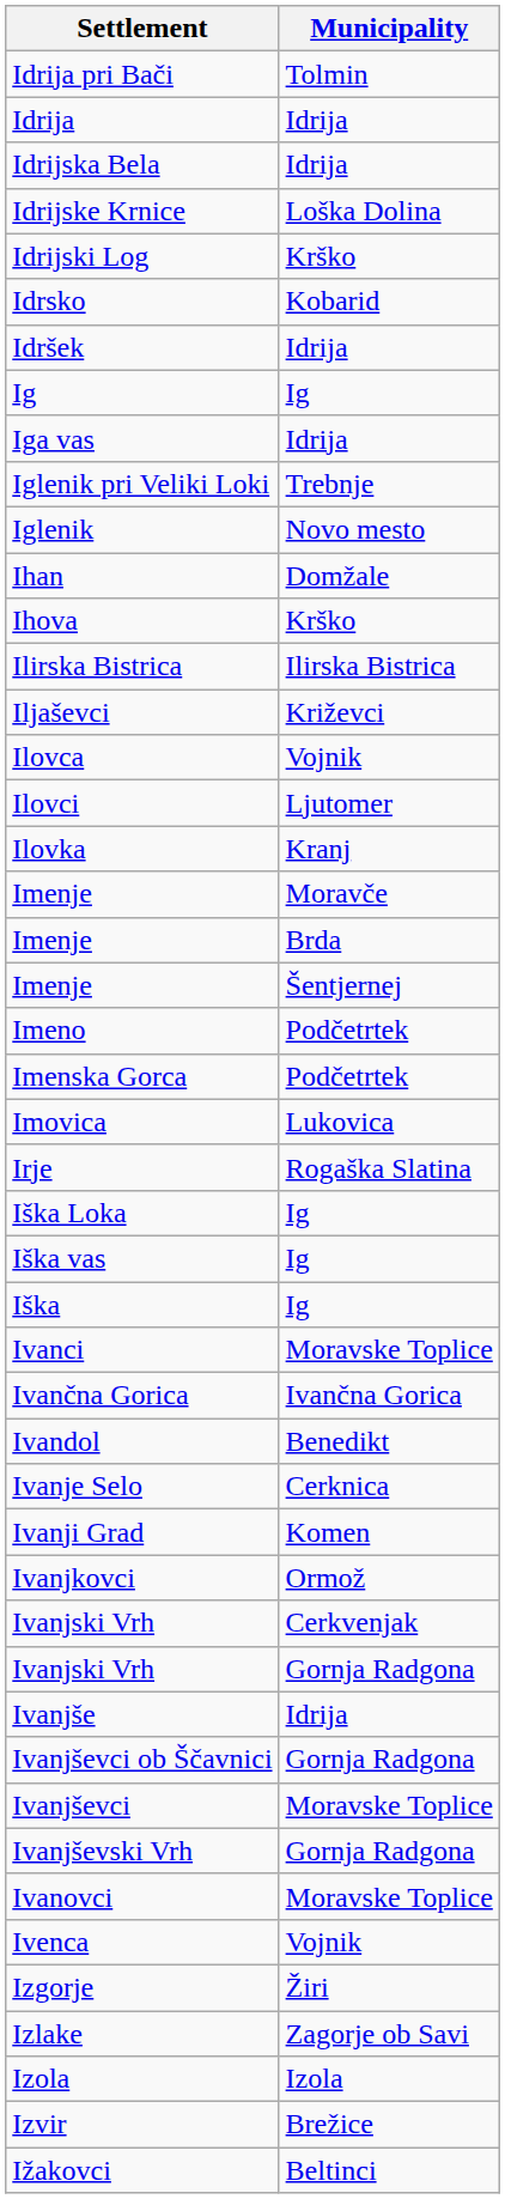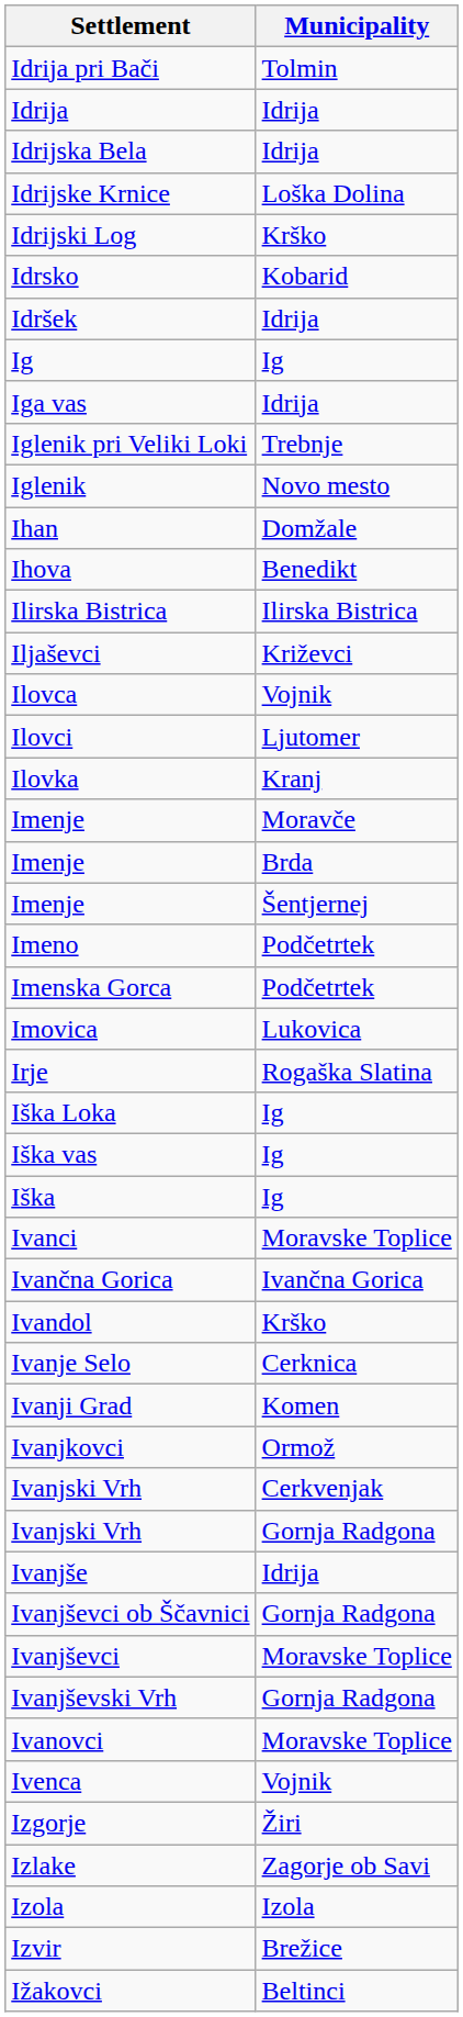 <table class="wikitable sortable">
 <tr>
 <th>Settlement</th>
 <th><a href='#'>Municipality</a></th>
 </tr>
 <tr>
 <td><a href='#'>Idrija pri Bači</a></td>
 <td><a href='#'>Tolmin</a></td>
 </tr>
 <tr>
 <td><a href='#'>Idrija</a></td>
 <td><a href='#'>Idrija</a></td>
 </tr>
 <tr>
 <td><a href='#'>Idrijska Bela</a></td>
 <td><a href='#'>Idrija</a></td>
 </tr>
 <tr>
 <td><a href='#'>Idrijske Krnice</a></td>
 <td><a href='#'>Loška Dolina</a></td>
 </tr>
 <tr>
 <td><a href='#'>Idrijski Log</a></td>
 <td><a href='#'>Krško</a></td>
 </tr>
 <tr>
 <td><a href='#'>Idrsko</a></td>
 <td><a href='#'>Kobarid</a></td>
 </tr>
 <tr>
 <td><a href='#'>Idršek</a></td>
 <td><a href='#'>Idrija</a></td>
 </tr>
 <tr>
 <td><a href='#'>Ig</a></td>
 <td><a href='#'>Ig</a></td>
 </tr>
 <tr>
 <td><a href='#'>Iga vas</a></td>
 <td><a href='#'>Idrija</a></td>
 </tr>
 <tr>
 <td><a href='#'>Iglenik pri Veliki Loki</a></td>
 <td><a href='#'>Trebnje</a></td>
 </tr>
 <tr>
 <td><a href='#'>Iglenik</a></td>
 <td><a href='#'>Novo mesto</a></td>
 </tr>
 <tr>
 <td><a href='#'>Ihan</a></td>
 <td><a href='#'>Domžale</a></td>
 </tr>
 <tr>
 <td><a href='#'>Ihova</a></td>
-<td><a href='#'>Krško</a></td>
+<td><a href='#'>Benedikt</a></td>
 </tr>
 <tr>
 <td><a href='#'>Ilirska Bistrica</a></td>
 <td><a href='#'>Ilirska Bistrica</a></td>
 </tr>
 <tr>
 <td><a href='#'>Iljaševci</a></td>
 <td><a href='#'>Križevci</a></td>
 </tr>
 <tr>
 <td><a href='#'>Ilovca</a></td>
 <td><a href='#'>Vojnik</a></td>
 </tr>
 <tr>
 <td><a href='#'>Ilovci</a></td>
 <td><a href='#'>Ljutomer</a></td>
 </tr>
 <tr>
 <td><a href='#'>Ilovka</a></td>
 <td><a href='#'>Kranj</a></td>
 </tr>
 <tr>
 <td><a href='#'>Imenje</a></td>
 <td><a href='#'>Moravče</a></td>
 </tr>
 <tr>
 <td><a href='#'>Imenje</a></td>
 <td><a href='#'>Brda</a></td>
 </tr>
 <tr>
 <td><a href='#'>Imenje</a></td>
 <td><a href='#'>Šentjernej</a></td>
 </tr>
 <tr>
 <td><a href='#'>Imeno</a></td>
 <td><a href='#'>Podčetrtek</a></td>
 </tr>
 <tr>
 <td><a href='#'>Imenska Gorca</a></td>
 <td><a href='#'>Podčetrtek</a></td>
 </tr>
 <tr>
 <td><a href='#'>Imovica</a></td>
 <td><a href='#'>Lukovica</a></td>
 </tr>
 <tr>
 <td><a href='#'>Irje</a></td>
 <td><a href='#'>Rogaška Slatina</a></td>
 </tr>
 <tr>
 <td><a href='#'>Iška Loka</a></td>
 <td><a href='#'>Ig</a></td>
 </tr>
 <tr>
 <td><a href='#'>Iška vas</a></td>
 <td><a href='#'>Ig</a></td>
 </tr>
 <tr>
 <td><a href='#'>Iška</a></td>
 <td><a href='#'>Ig</a></td>
 </tr>
 <tr>
 <td><a href='#'>Ivanci</a></td>
 <td><a href='#'>Moravske Toplice</a></td>
 </tr>
 <tr>
 <td><a href='#'>Ivančna Gorica</a></td>
 <td><a href='#'>Ivančna Gorica</a></td>
 </tr>
 <tr>
 <td><a href='#'>Ivandol</a></td>
-<td><a href='#'>Benedikt</a></td>
+<td><a href='#'>Krško</a></td>
 </tr>
 <tr>
 <td><a href='#'>Ivanje Selo</a></td>
 <td><a href='#'>Cerknica</a></td>
 </tr>
 <tr>
 <td><a href='#'>Ivanji Grad</a></td>
 <td><a href='#'>Komen</a></td>
 </tr>
 <tr>
 <td><a href='#'>Ivanjkovci</a></td>
 <td><a href='#'>Ormož</a></td>
 </tr>
 <tr>
 <td><a href='#'>Ivanjski Vrh</a></td>
 <td><a href='#'>Cerkvenjak</a></td>
 </tr>
 <tr>
 <td><a href='#'>Ivanjski Vrh</a></td>
 <td><a href='#'>Gornja Radgona</a></td>
 </tr>
 <tr>
 <td><a href='#'>Ivanjše</a></td>
 <td><a href='#'>Idrija</a></td>
 </tr>
 <tr>
 <td><a href='#'>Ivanjševci ob Ščavnici</a></td>
 <td><a href='#'>Gornja Radgona</a></td>
 </tr>
 <tr>
 <td><a href='#'>Ivanjševci</a></td>
 <td><a href='#'>Moravske Toplice</a></td>
 </tr>
 <tr>
 <td><a href='#'>Ivanjševski Vrh</a></td>
 <td><a href='#'>Gornja Radgona</a></td>
 </tr>
 <tr>
 <td><a href='#'>Ivanovci</a></td>
 <td><a href='#'>Moravske Toplice</a></td>
 </tr>
 <tr>
 <td><a href='#'>Ivenca</a></td>
 <td><a href='#'>Vojnik</a></td>
 </tr>
 <tr>
 <td><a href='#'>Izgorje</a></td>
 <td><a href='#'>Žiri</a></td>
 </tr>
 <tr>
 <td><a href='#'>Izlake</a></td>
 <td><a href='#'>Zagorje ob Savi</a></td>
 </tr>
 <tr>
 <td><a href='#'>Izola</a></td>
 <td><a href='#'>Izola</a></td>
 </tr>
 <tr>
 <td><a href='#'>Izvir</a></td>
 <td><a href='#'>Brežice</a></td>
 </tr>
 <tr>
 <td><a href='#'>Ižakovci</a></td>
 <td><a href='#'>Beltinci</a></td>
 </tr>
 </table>
